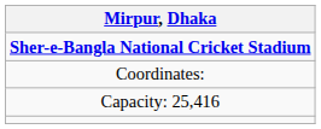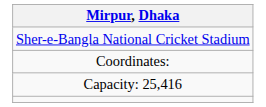 <table class="wikitable" style="margin:1em auto; text-align: center">
 <tr>
 <th scope="col" style="width: 100%"><a href='#'>Mirpur</a>, <a href='#'>Dhaka</a></th>
 </tr>
 <tr>
-<td><strong><a href='#'>Sher-e-Bangla National Cricket Stadium</a></strong></td>
+<td><a href='#'>Sher-e-Bangla National Cricket Stadium</a></td>
 </tr>
 <tr>
 <td>Coordinates: </td>
 </tr>
 <tr>
 <td>Capacity: 25,416</td>
 </tr>
 <tr>
 <td></td>
 </tr>
 </table>
